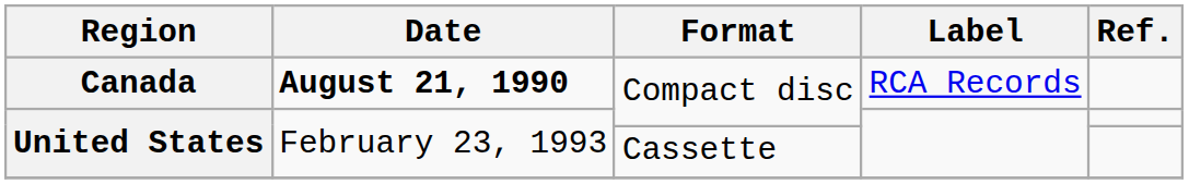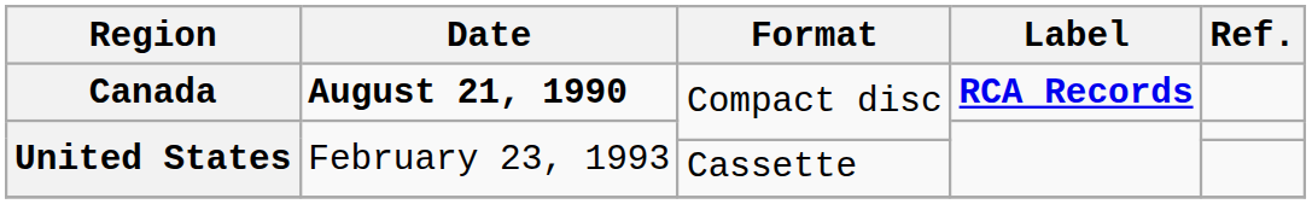 <table class="wikitable plainrowheaders">
 <tr>
 <th scope="col">Region</th>
 <th scope="col">Date</th>
 <th scope="col">Format</th>
 <th scope="col">Label</th>
 <th scope="col">Ref.</th>
 </tr>
 <tr>
 <th scope="row">Canada</th>
 <td><strong>August 21, 1990</strong></td>
 <td rowspan="2">Compact disc</td>
-<td><a href='#'>RCA Records</a></td>
+<td><strong><a href='#'>RCA Records</a></strong></td>
 <td></td>
 </tr>
 <tr>
 <th scope="row" rowspan="2">United States</th>
 <td rowspan="2">February 23, 1993</td>
 <td rowspan="2"></td>
 <td></td>
 </tr>
 <tr>
 <td>Cassette</td>
 <td></td>
 </tr>
 <tr>
 </tr>
 </table>
